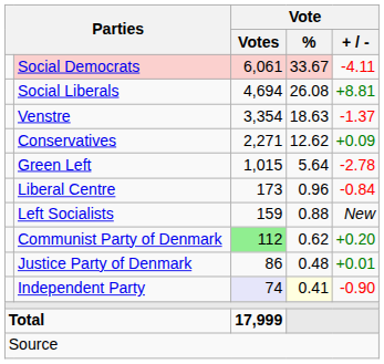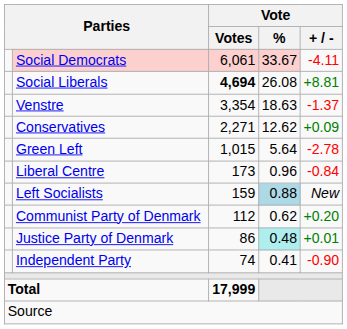 <table class="wikitable" style="text-align:right;">
 <tr>
 <th style="text-align:centre;" rowspan="2" colspan="2" width="225">Parties</th>
 <th colspan="3">Vote</th>
 </tr>
 <tr>
 <th width="15">Votes</th>
 <th width="15">%</th>
 <th width="15">+ / -</th>
 </tr>
 <tr>
 <td width="2" style="color:inherit;background:"></td>
 <td bgcolor=#fbd0ce  align="left"><a href='#'>Social Democrats</a></td>
 <td bgcolor=#fbd0ce>6,061</td>
 <td bgcolor=#fbd0ce>33.67</td>
 <td style=color:red;>-4.11</td>
 </tr>
 <tr>
 <td width="2" style="color:inherit;background:"></td>
 <td align="left"><a href='#'>Social Liberals</a></td>
-<td>4,694</td>
+<td><strong>4,694</strong></td>
 <td>26.08</td>
 <td style=color:green;>+8.81</td>
 </tr>
 <tr>
 <td width="2" style="color:inherit;background:"></td>
 <td align="left"><a href='#'>Venstre</a></td>
 <td>3,354</td>
 <td>18.63</td>
 <td style=color:red;>-1.37</td>
 </tr>
 <tr>
 <td width="2" style="color:inherit;background:"></td>
 <td align="left"><a href='#'>Conservatives</a></td>
 <td>2,271</td>
 <td>12.62</td>
 <td style=color:green;>+0.09</td>
 </tr>
 <tr>
 <td width="2" style="color:inherit;background:"></td>
 <td align="left"><a href='#'>Green Left</a></td>
 <td>1,015</td>
 <td>5.64</td>
 <td style=color:red;>-2.78</td>
 </tr>
 <tr>
 <td width="2" style="color:inherit;background:"></td>
 <td align="left"><a href='#'>Liberal Centre</a></td>
 <td>173</td>
 <td>0.96</td>
 <td style=color:red;>-0.84</td>
 </tr>
 <tr>
 <td width="2" style="color:inherit;background:"></td>
 <td align="left"><a href='#'>Left Socialists</a></td>
 <td>159</td>
-<td>0.88</td>
+<td style="background: lightblue;">0.88</td>
 <td><em>New</em></td>
 </tr>
 <tr>
 <td width="2" style="color:inherit;background:"></td>
 <td align="left"><a href='#'>Communist Party of Denmark</a></td>
-<td style="background: lightgreen;">112</td>
+<td>112</td>
 <td>0.62</td>
 <td style=color:green;>+0.20</td>
 </tr>
 <tr>
 <td width="2" style="color:inherit;background:"></td>
 <td align="left"><a href='#'>Justice Party of Denmark</a></td>
 <td>86</td>
-<td>0.48</td>
+<td style="background: paleturquoise;">0.48</td>
 <td style=color:green;>+0.01</td>
 </tr>
 <tr>
 <td width="2" style="color:inherit;background:"></td>
 <td align="left"><a href='#'>Independent Party</a></td>
-<td style="background: lavender;">74</td>
-<td style="background: lightyellow;">0.41</td>
+<td>74</td>
+<td>0.41</td>
 <td style=color:red;>-0.90</td>
 </tr>
 <tr>
 <td colspan="7" bgcolor="#E9E9E9"></td>
 </tr>
 <tr>
 <td align="left" colspan="2"><strong>Total</strong></td>
 <td><strong>17,999</strong></td>
 <td bgcolor="#E9E9E9" colspan="2"></td>
 </tr>
 <tr>
 <td align="left" colspan="6">Source</td>
 </tr>
 </table>
